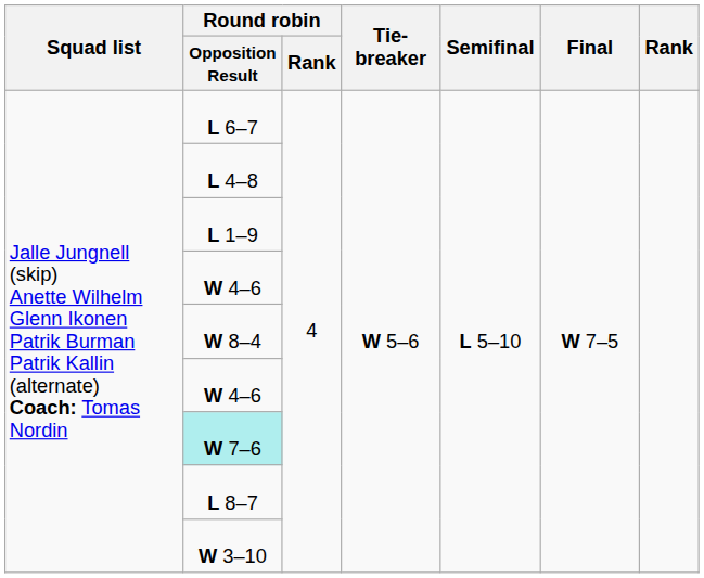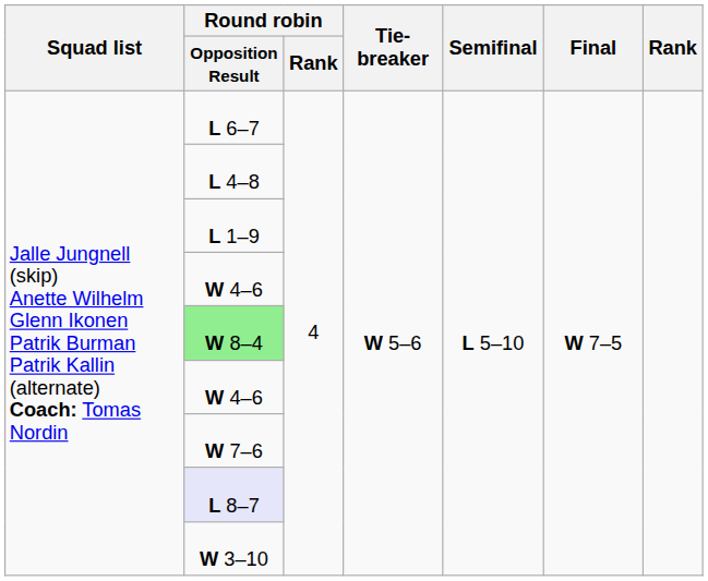 <table class="wikitable" width="90%" style="text-align:left; font-size:100%">
 <tr>
 <th rowspan="2" width="25%">Squad list</th>
 <th colspan="2">Round robin</th>
 <th rowspan="2" width="14%">Tie-breaker</th>
 <th rowspan="2" width="14%">Semifinal</th>
 <th rowspan="2" width="14%">Final</th>
 <th rowspan="2" width="5%">Rank</th>
 </tr>
 <tr>
 <th width="14%"><small>Opposition<br>Result</small></th>
 <th width="5%">Rank</th>
 </tr>
 <tr>
 <td rowspan="9"><br><a href='#'>Jalle Jungnell</a> (skip)<br><a href='#'>Anette Wilhelm</a><br><a href='#'>Glenn Ikonen</a><br><a href='#'>Patrik Burman</a><br><a href='#'>Patrik Kallin</a> (alternate)<br><strong>Coach:</strong> <a href='#'>Tomas Nordin</a></td>
 <td align="center"><br><strong>L</strong> 6–7</td>
 <td rowspan="9" align="center">4</td>
 <td rowspan="9" align="center"><br><strong>W</strong> 5–6</td>
 <td rowspan="9" align="center"><br><strong>L</strong> 5–10</td>
 <td rowspan="9" align="center"><br><strong>W</strong> 7–5</td>
 <td rowspan="9" align="center"></td>
 </tr>
 <tr>
 <td align="center"><br><strong>L</strong> 4–8</td>
 </tr>
 <tr>
 <td align="center"><br><strong>L</strong> 1–9</td>
 </tr>
 <tr>
 <td align="center"><br><strong>W</strong> 4–6</td>
 </tr>
 <tr>
-<td align="center"><br><strong>W</strong> 8–4</td>
+<td align="center" style="background: lightgreen;"><br><strong>W</strong> 8–4</td>
 </tr>
 <tr>
 <td align="center"><br><strong>W</strong> 4–6</td>
 </tr>
 <tr>
-<td align="center" style="background: paleturquoise;"><br><strong>W</strong> 7–6</td>
+<td align="center"><br><strong>W</strong> 7–6</td>
 </tr>
 <tr>
-<td align="center"><br><strong>L</strong> 8–7</td>
+<td align="center" style="background: lavender;"><br><strong>L</strong> 8–7</td>
 </tr>
 <tr>
 <td align="center"><br><strong>W</strong> 3–10</td>
 </tr>
 </table>
